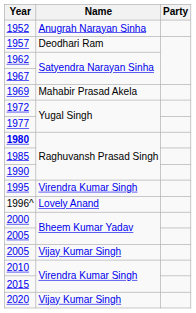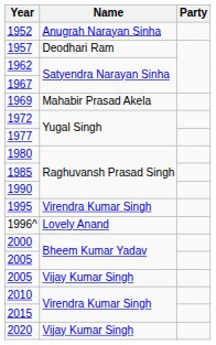 <table class="wikitable sortable">
 <tr>
 <th>Year</th>
 <th>Name</th>
 <th colspan="2">Party</th>
 </tr>
 <tr>
 <td><a href='#'>1952</a></td>
 <td><a href='#'>Anugrah Narayan Sinha</a></td>
 <td></td>
 </tr>
 <tr>
 <td><a href='#'>1957</a></td>
 <td>Deodhari Ram</td>
 </tr>
 <tr>
 <td><a href='#'>1962</a></td>
 <td rowspan="2"><a href='#'>Satyendra Narayan Sinha</a></td>
 </tr>
 <tr>
 <td><a href='#'>1967</a></td>
 </tr>
 <tr>
 <td><a href='#'>1969</a></td>
 <td>Mahabir Prasad Akela</td>
 <td></td>
 </tr>
 <tr>
 <td><a href='#'>1972</a></td>
 <td rowspan="2">Yugal Singh</td>
 <td></td>
 </tr>
 <tr>
 <td><a href='#'>1977</a></td>
 <td></td>
 </tr>
 <tr>
-<td><strong><a href='#'>1980</a></strong></td>
+<td><a href='#'>1980</a></td>
 <td rowspan="3">Raghuvansh Prasad Singh</td>
 <td></td>
 </tr>
 <tr>
 <td><a href='#'>1985</a></td>
 <td></td>
 </tr>
 <tr>
 <td><a href='#'>1990</a></td>
 </tr>
 <tr>
 <td><a href='#'>1995</a></td>
 <td><a href='#'>Virendra Kumar Singh</a></td>
 <td></td>
 </tr>
 <tr>
 <td>1996^</td>
 <td><a href='#'>Lovely Anand</a></td>
 <td></td>
 </tr>
 <tr>
 <td><a href='#'>2000</a></td>
 <td rowspan="2"><a href='#'>Bheem Kumar Yadav</a></td>
 <td></td>
 </tr>
 <tr>
 <td><a href='#'>2005</a></td>
 </tr>
 <tr>
 <td><a href='#'>2005</a></td>
 <td><a href='#'>Vijay Kumar Singh</a></td>
 <td></td>
 </tr>
 <tr>
 <td><a href='#'>2010</a></td>
 <td rowspan="2"><a href='#'>Virendra Kumar Singh</a></td>
 <td></td>
 </tr>
 <tr>
 <td><a href='#'>2015</a></td>
 </tr>
 <tr>
 <td><a href='#'>2020</a></td>
 <td><a href='#'>Vijay Kumar Singh</a></td>
 <td></td>
 </tr>
 </table>
